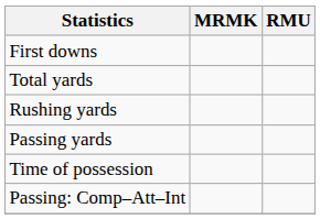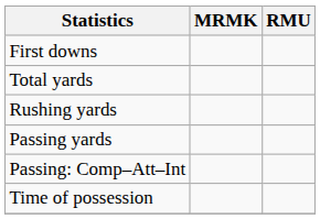 <table class="wikitable" style="float: left;">
 <tr>
 <th>Statistics</th>
 <th>MRMK</th>
 <th>RMU</th>
 </tr>
 <tr>
 <td>First downs</td>
 <td></td>
 <td></td>
 </tr>
 <tr>
 <td>Total yards</td>
 <td></td>
 <td></td>
 </tr>
 <tr>
 <td>Rushing yards</td>
 <td></td>
 <td></td>
 </tr>
 <tr>
 <td>Passing yards</td>
 <td></td>
 <td></td>
 </tr>
 <tr>
-<td>Time of possession</td>
+<td>Passing: Comp–Att–Int</td>
 <td></td>
 <td></td>
 </tr>
 <tr>
-<td>Passing: Comp–Att–Int</td>
+<td>Time of possession</td>
 <td></td>
 <td></td>
 </tr>
 <tr>
 </tr>
 </table>
